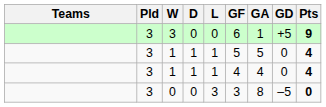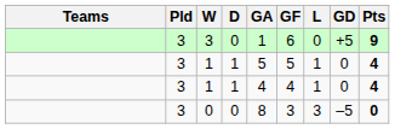 <table class="wikitable" style="text-align: center;">
 <tr>
 <th width=165>Teams</th>
 <th width=20>Pld</th>
 <th width=20>W</th>
 <th width=20>D</th>
+<th width=20>GA</th>
+<th width=20>GF</th>
 <th width=20>L</th>
-<th width=20>GF</th>
-<th width=20>GA</th>
 <th width=20>GD</th>
 <th width=20>Pts</th>
 </tr>
 <tr align=center style="background:#ccffcc;">
 <td style="text-align:left;"></td>
 <td>3</td>
 <td>3</td>
 <td>0</td>
+<td>1</td>
+<td>6</td>
 <td>0</td>
-<td>6</td>
-<td>1</td>
 <td>+5</td>
 <td><strong>9</strong></td>
 </tr>
 <tr align=center>
 <td style="text-align:left;"></td>
 <td>3</td>
 <td>1</td>
 <td>1</td>
-<td>1</td>
 <td>5</td>
 <td>5</td>
+<td>1</td>
 <td>0</td>
 <td><strong>4</strong></td>
 </tr>
 <tr align=center>
 <td style="text-align:left;"></td>
 <td>3</td>
 <td>1</td>
 <td>1</td>
-<td>1</td>
 <td>4</td>
 <td>4</td>
+<td>1</td>
 <td>0</td>
 <td><strong>4</strong></td>
 </tr>
 <tr align=center>
 <td style="text-align:left;"></td>
 <td>3</td>
 <td>0</td>
 <td>0</td>
+<td>8</td>
 <td>3</td>
 <td>3</td>
-<td>8</td>
 <td>–5</td>
 <td><strong>0</strong></td>
 </tr>
 </table>
